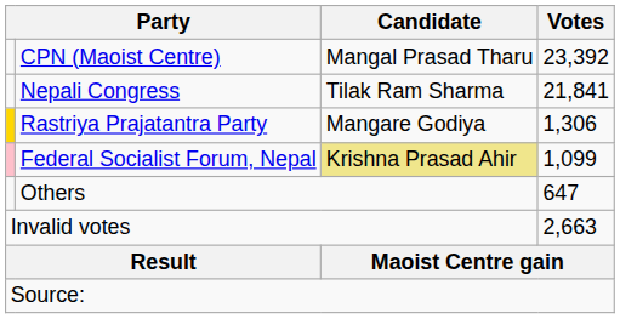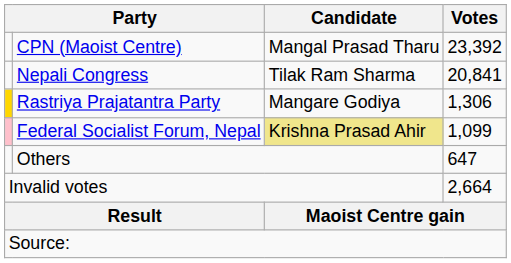 <table class="wikitable">
 <tr>
 <th colspan="2">Party</th>
 <th>Candidate</th>
 <th>Votes</th>
 </tr>
 <tr>
 <td style="background-color:"></td>
 <td><a href='#'>CPN (Maoist Centre)</a></td>
 <td>Mangal Prasad Tharu</td>
 <td>23,392</td>
 </tr>
 <tr>
 <td style="background-color:"></td>
 <td><a href='#'>Nepali Congress</a></td>
 <td>Tilak Ram Sharma</td>
-<td>21,841</td>
+<td>20,841</td>
 </tr>
 <tr>
 <td style="background-color:gold"></td>
 <td><a href='#'>Rastriya Prajatantra Party</a></td>
 <td>Mangare Godiya</td>
 <td>1,306</td>
 </tr>
 <tr>
 <td style="background-color:pink"></td>
 <td><a href='#'>Federal Socialist Forum, Nepal</a></td>
 <td style="background: khaki;">Krishna Prasad Ahir</td>
 <td>1,099</td>
 </tr>
 <tr>
 <td></td>
 <td colspan="2">Others</td>
 <td>647</td>
 </tr>
 <tr>
 <td colspan="3">Invalid votes</td>
-<td>2,663</td>
+<td>2,664</td>
 </tr>
 <tr>
 <th colspan="2">Result</th>
 <th colspan="2">Maoist Centre gain</th>
 </tr>
 <tr>
 <td colspan="4">Source: </td>
 </tr>
 </table>
